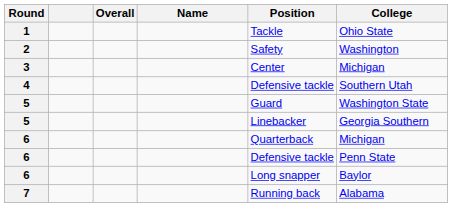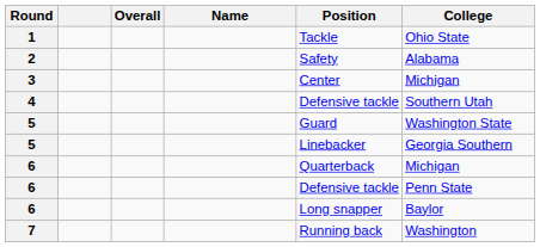 <table class="wikitable sortable">
 <tr>
 <th scope="col" style="width: 10%;">Round</th>
 <th scope="col" style="width: 10%;"></th>
 <th scope="col" style="width: 10%;">Overall</th>
 <th scope="col" style="width: 25%;">Name</th>
 <th scope="col" style="width: 20%;">Position</th>
 <th scope="col" style="width: 25%;">College</th>
 </tr>
 <tr>
 <th scope="row">1</th>
 <td></td>
 <td></td>
 <td></td>
 <td><a href='#'>Tackle</a></td>
 <td><a href='#'>Ohio State</a></td>
 </tr>
 <tr>
 <th scope="row">2</th>
 <td></td>
 <td></td>
 <td></td>
 <td><a href='#'>Safety</a></td>
-<td><a href='#'>Washington</a></td>
+<td><a href='#'>Alabama</a></td>
 </tr>
 <tr>
 <th scope="row">3</th>
 <td></td>
 <td></td>
 <td></td>
 <td><a href='#'>Center</a></td>
 <td><a href='#'>Michigan</a></td>
 </tr>
 <tr>
 <th scope="row">4</th>
 <td></td>
 <td></td>
 <td></td>
 <td><a href='#'>Defensive tackle</a></td>
 <td><a href='#'>Southern Utah</a></td>
 </tr>
 <tr>
 <th scope="row">5</th>
 <td></td>
 <td></td>
 <td></td>
 <td><a href='#'>Guard</a></td>
 <td><a href='#'>Washington State</a></td>
 </tr>
 <tr>
 <th scope="row">5</th>
 <td></td>
 <td></td>
 <td></td>
 <td><a href='#'>Linebacker</a></td>
 <td><a href='#'>Georgia Southern</a></td>
 </tr>
 <tr>
 <th scope="row">6</th>
 <td></td>
 <td></td>
 <td></td>
 <td><a href='#'>Quarterback</a></td>
 <td><a href='#'>Michigan</a></td>
 </tr>
 <tr>
 <th scope="row">6</th>
 <td></td>
 <td></td>
 <td></td>
 <td><a href='#'>Defensive tackle</a></td>
 <td><a href='#'>Penn State</a></td>
 </tr>
 <tr>
 <th scope="row">6</th>
 <td></td>
 <td></td>
 <td></td>
 <td><a href='#'>Long snapper</a></td>
 <td><a href='#'>Baylor</a></td>
 </tr>
 <tr>
 <th scope="row">7</th>
 <td></td>
 <td></td>
 <td></td>
 <td><a href='#'>Running back</a></td>
-<td><a href='#'>Alabama</a></td>
+<td><a href='#'>Washington</a></td>
 </tr>
 </table>
